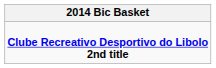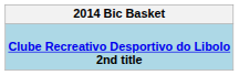 <table class=wikitable style="text-align:center; margin:auto">
 <tr>
 <th>2014 Bic Basket</th>
 </tr>
 <tr>
-<td><br><strong><a href='#'>Clube Recreativo Desportivo do Libolo</a></strong><br><strong>2nd title</strong></td>
+<td style="background: lightblue;"><br><strong><a href='#'>Clube Recreativo Desportivo do Libolo</a></strong><br><strong>2nd title</strong></td>
 </tr>
 </table>
